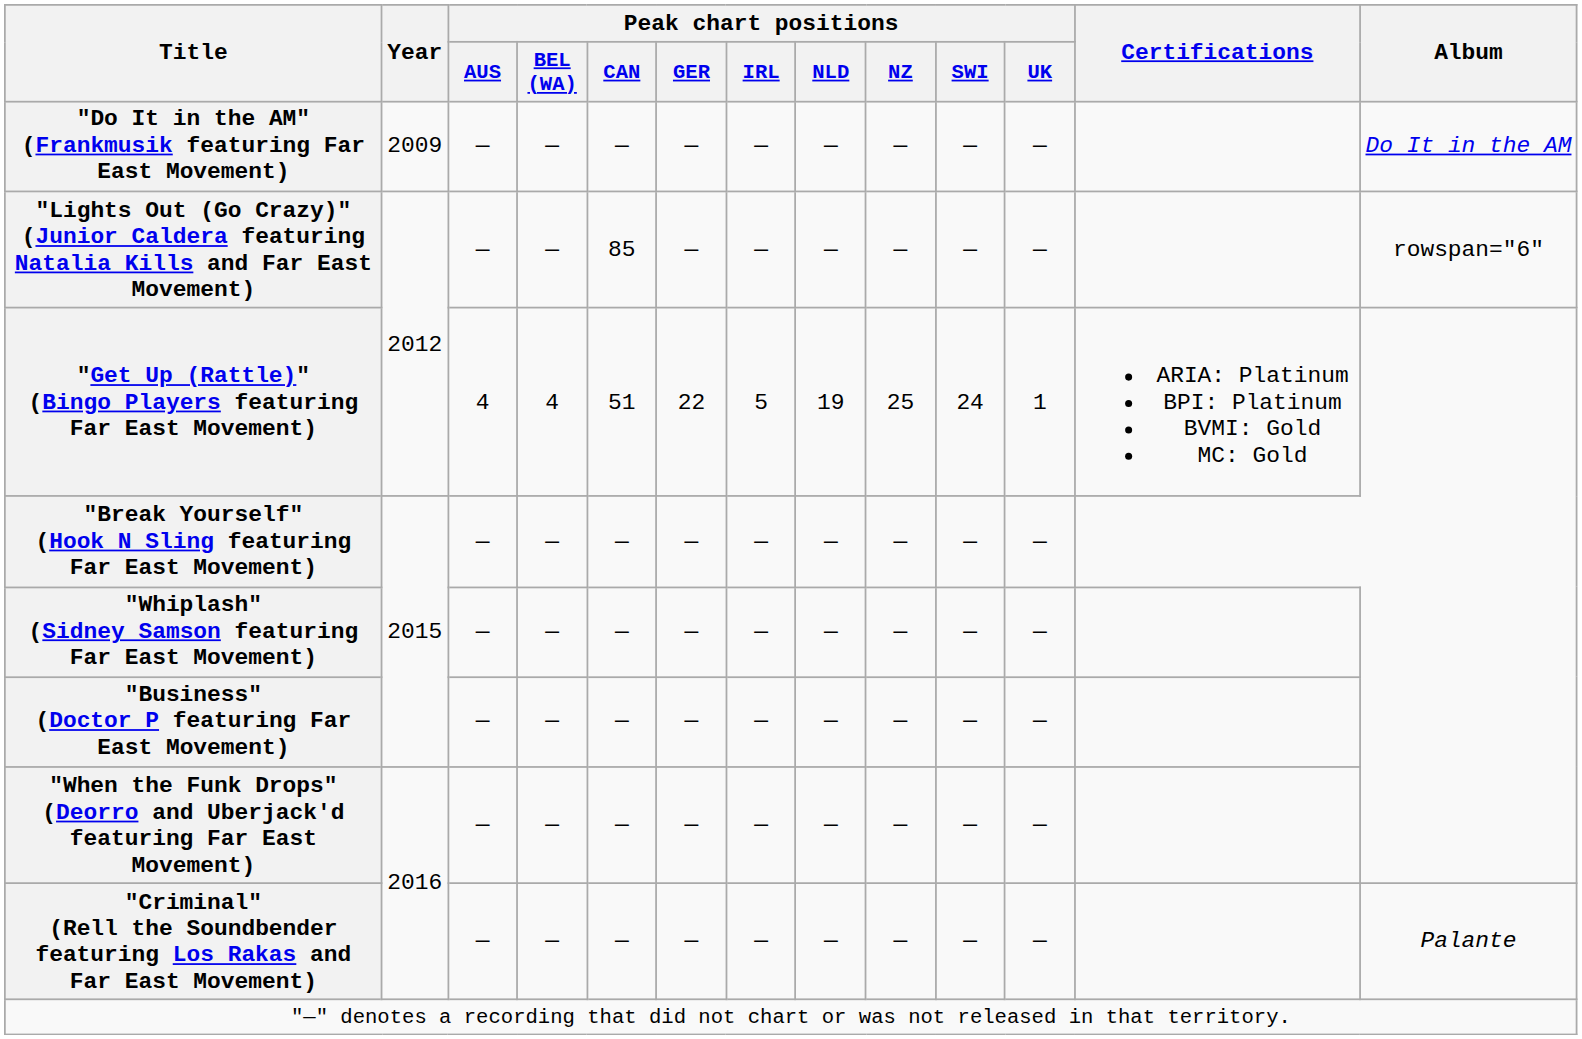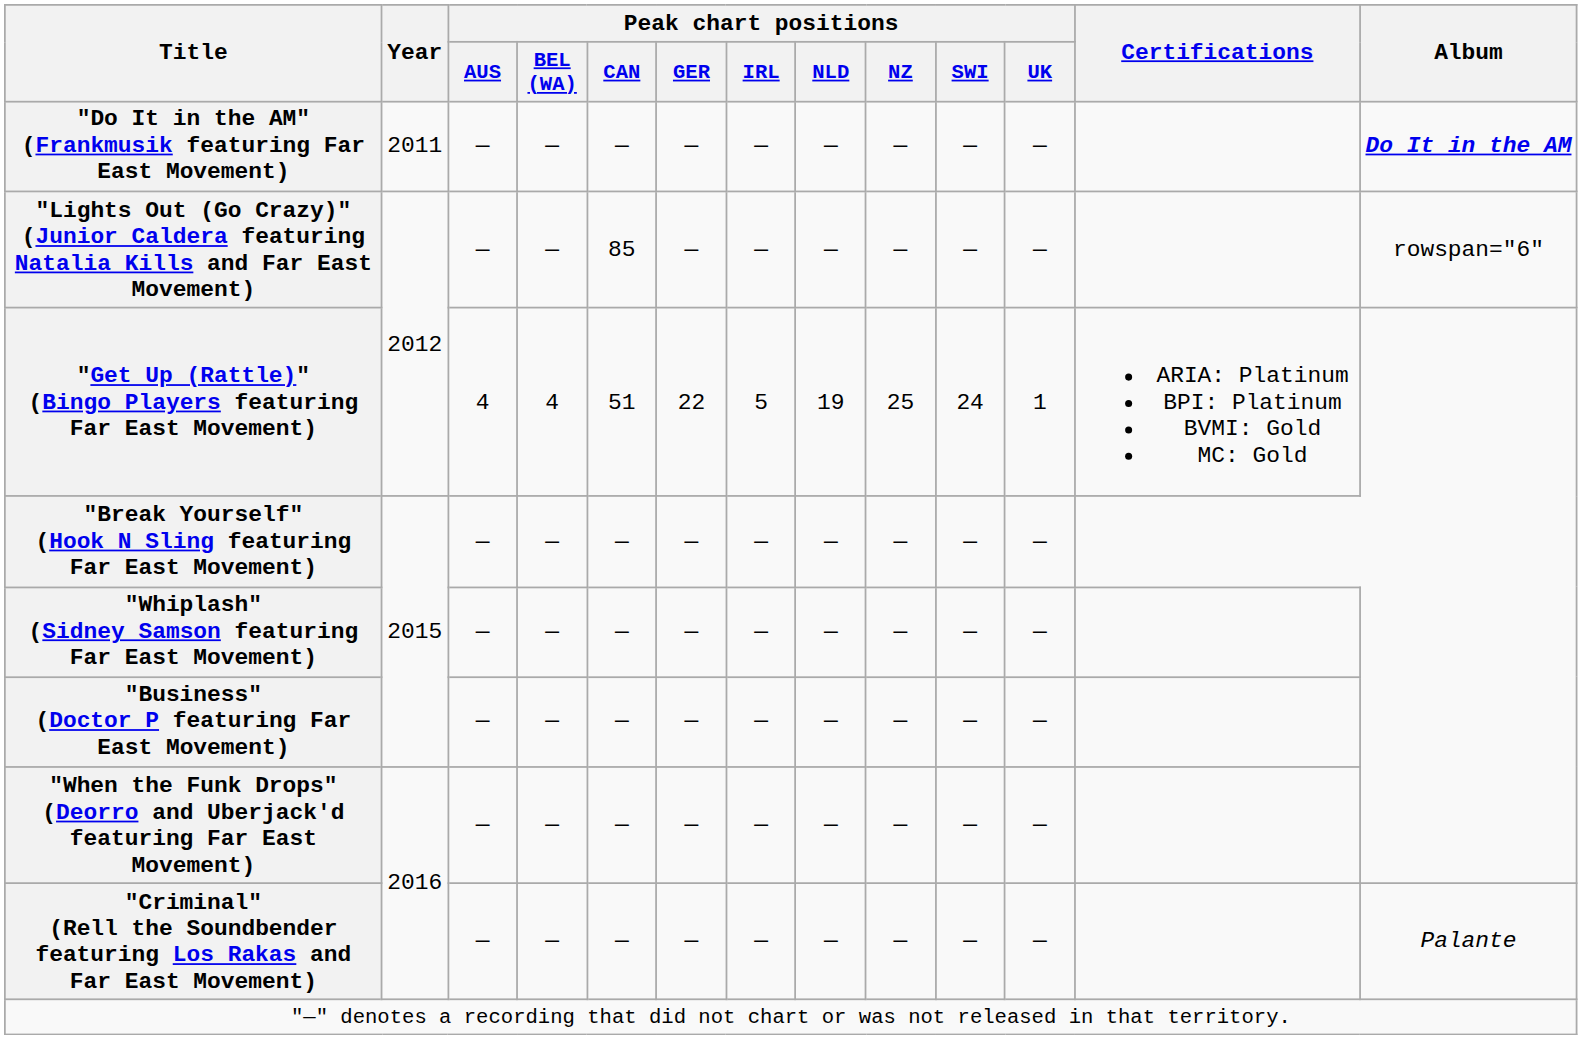 <table class="wikitable plainrowheaders" style="text-align:center;">
 <tr>
 <th scope="col" rowspan="2" style="width:16em;">Title</th>
 <th scope="col" rowspan="2" style="width:1em;">Year</th>
 <th scope="col" colspan="9">Peak chart positions</th>
 <th scope="col" rowspan="2" style="width:12em;"><a href='#'>Certifications</a></th>
 <th scope="col" rowspan="2">Album</th>
 </tr>
 <tr>
 <th scope="col" style="width:2.9em;font-size:90%;"><a href='#'>AUS</a><br></th>
 <th scope="col" style="width:2.9em;font-size:90%;"><a href='#'>BEL<br>(WA)</a><br></th>
 <th scope="col" style="width:2.9em;font-size:90%;"><a href='#'>CAN</a><br></th>
 <th scope="col" style="width:2.9em;font-size:90%;"><a href='#'>GER</a><br></th>
 <th scope="col" style="width:2.9em;font-size:90%;"><a href='#'>IRL</a><br></th>
 <th scope="col" style="width:2.9em;font-size:90%;"><a href='#'>NLD</a><br></th>
 <th scope="col" style="width:2.9em;font-size:90%;"><a href='#'>NZ</a><br></th>
 <th scope="col" style="width:2.9em;font-size:90%;"><a href='#'>SWI</a><br></th>
 <th scope="col" style="width:2.9em;font-size:90%;"><a href='#'>UK</a><br></th>
 </tr>
 <tr>
 <th scope="row">"Do It in the AM"<br><span>(<a href='#'>Frankmusik</a> featuring Far East Movement)</span></th>
-<td>2009</td>
+<td>2011</td>
 <td>—</td>
 <td>—</td>
 <td>—</td>
 <td>—</td>
 <td>—</td>
 <td>—</td>
 <td>—</td>
 <td>—</td>
 <td>—</td>
 <td></td>
-<td><em><a href='#'>Do It in the AM</a></em></td>
+<td><strong><em><a href='#'>Do It in the AM</a></em></strong></td>
 </tr>
 <tr>
 <th scope="row">"Lights Out (Go Crazy)"<br><span>(<a href='#'>Junior Caldera</a> featuring <a href='#'>Natalia Kills</a> and Far East Movement)</span></th>
 <td rowspan="2">2012</td>
 <td>—</td>
 <td>—</td>
 <td>85</td>
 <td>—</td>
 <td>—</td>
 <td>—</td>
 <td>—</td>
 <td>—</td>
 <td>—</td>
 <td></td>
 <td>rowspan="6" </td>
 </tr>
 <tr>
 <th scope="row">"<a href='#'>Get Up (Rattle)</a>"<br><span>(<a href='#'>Bingo Players</a> featuring Far East Movement)</span></th>
 <td>4</td>
 <td>4</td>
 <td>51</td>
 <td>22</td>
 <td>5</td>
 <td>19</td>
 <td>25</td>
 <td>24</td>
 <td>1</td>
 <td><br><ul><li>ARIA: Platinum</li><li>BPI: Platinum</li><li>BVMI: Gold</li><li>MC: Gold</li></ul></td>
 </tr>
 <tr>
 <th scope="row">"Break Yourself"<br><span>(<a href='#'>Hook N Sling</a> featuring Far East Movement)</span></th>
 <td rowspan="3">2015</td>
 <td>—</td>
 <td>—</td>
 <td>—</td>
 <td>—</td>
 <td>—</td>
 <td>—</td>
 <td>—</td>
 <td>—</td>
 <td>—</td>
 </tr>
 <tr>
 <th scope="row">"Whiplash"<br><span>(<a href='#'>Sidney Samson</a> featuring Far East Movement)</span></th>
 <td>—</td>
 <td>—</td>
 <td>—</td>
 <td>—</td>
 <td>—</td>
 <td>—</td>
 <td>—</td>
 <td>—</td>
 <td>—</td>
 <td></td>
 </tr>
 <tr>
 <th scope="row">"Business"<br><span>(<a href='#'>Doctor P</a> featuring Far East Movement)</span></th>
 <td>—</td>
 <td>—</td>
 <td>—</td>
 <td>—</td>
 <td>—</td>
 <td>—</td>
 <td>—</td>
 <td>—</td>
 <td>—</td>
 <td></td>
 </tr>
 <tr>
 <th scope="row">"When the Funk Drops"<br><span>(<a href='#'>Deorro</a> and Uberjack'd featuring Far East Movement)</span></th>
 <td rowspan="2">2016</td>
 <td>—</td>
 <td>—</td>
 <td>—</td>
 <td>—</td>
 <td>—</td>
 <td>—</td>
 <td>—</td>
 <td>—</td>
 <td>—</td>
 <td></td>
 </tr>
 <tr>
 <th scope="row">"Criminal"<br><span>(Rell the Soundbender featuring <a href='#'>Los Rakas</a> and Far East Movement)</span></th>
 <td>—</td>
 <td>—</td>
 <td>—</td>
 <td>—</td>
 <td>—</td>
 <td>—</td>
 <td>—</td>
 <td>—</td>
 <td>—</td>
 <td></td>
 <td><em>Palante</em></td>
 </tr>
 <tr>
 <td colspan="14" style="font-size:90%">"—" denotes a recording that did not chart or was not released in that territory.</td>
 </tr>
 </table>
